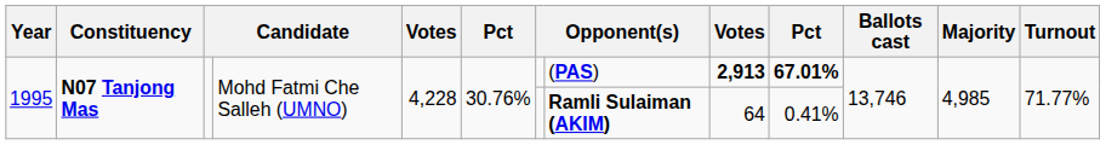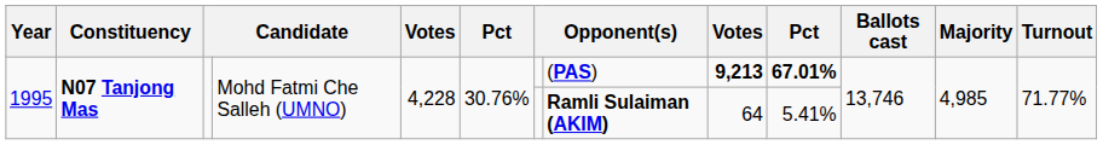 <table class="wikitable" style="margin:0.5em ; font-size:95%">
 <tr>
 <th>Year</th>
 <th>Constituency</th>
 <th colspan=2>Candidate</th>
 <th>Votes</th>
 <th>Pct</th>
 <th colspan=2>Opponent(s)</th>
 <th>Votes</th>
 <th>Pct</th>
 <th>Ballots cast</th>
 <th>Majority</th>
 <th>Turnout</th>
 </tr>
 <tr>
 <td rowspan=2><a href='#'>1995</a></td>
 <td rowspan=3><strong>N07 <a href='#'>Tanjong Mas</a></strong></td>
 <td rowspan=2 ></td>
 <td rowspan=2>Mohd Fatmi Che Salleh (<a href='#'>UMNO</a>)</td>
 <td rowspan=2 align="right">4,228</td>
 <td rowspan=2>30.76%</td>
 <td></td>
 <td> (<a href='#'><strong>PAS</strong></a>)</td>
-<td align="right"><strong>2,913</strong></td>
+<td align="right"><strong>9,213</strong></td>
 <td><strong>67.01%</strong></td>
 <td rowspan=2>13,746</td>
 <td rowspan=2>4,985</td>
 <td rowspan=2>71.77%</td>
 </tr>
 <tr>
 <td></td>
 <td><strong>Ramli Sulaiman (<a href='#'>AKIM</a>)</strong></td>
 <td align="right">64</td>
-<td align="right">0.41%</td>
+<td align="right">5.41%</td>
 </tr>
 </table>
